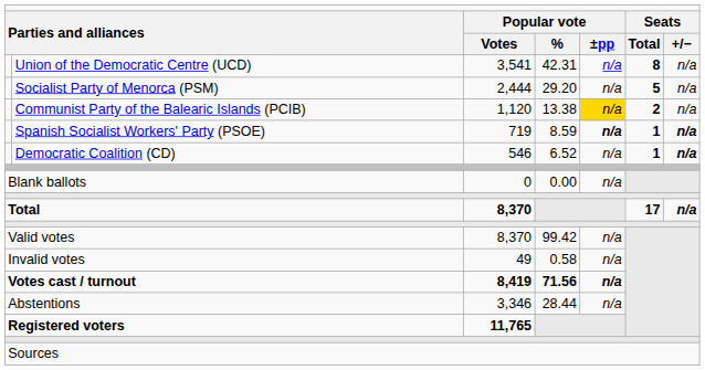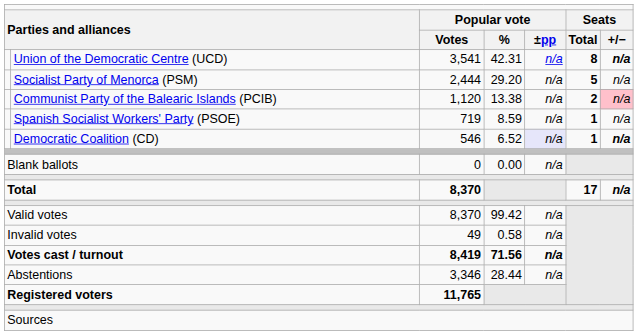 <table class="wikitable" style="text-align:right;">
 <tr>
 <td colspan="7"></td>
 </tr>
 <tr>
 <th style="text-align:left;" rowspan="2" colspan="2" width="525">Parties and alliances</th>
 <th colspan="3">Popular vote</th>
 <th colspan="2">Seats</th>
 </tr>
 <tr>
 <th width="75">Votes</th>
 <th width="45">%</th>
 <th width="45">±<a href='#'>pp</a></th>
 <th width="35">Total</th>
 <th width="35">+/−</th>
 </tr>
 <tr>
 <td width="1" style="color:inherit;background:"></td>
 <td align="left"><a href='#'>Union of the Democratic Centre</a> (UCD)</td>
 <td>3,541</td>
 <td>42.31</td>
 <td><em><a href='#'>n/a</a></em></td>
 <td><strong>8</strong></td>
-<td><em>n/a</em></td>
+<td><strong><em>n/a</em></strong></td>
 </tr>
 <tr>
 <td style="color:inherit;background:"></td>
 <td align="left"><a href='#'>Socialist Party of Menorca</a> (PSM)</td>
 <td>2,444</td>
 <td>29.20</td>
 <td><em>n/a</em></td>
 <td><strong>5</strong></td>
 <td><em>n/a</em></td>
 </tr>
 <tr>
 <td style="color:inherit;background:"></td>
 <td align="left"><a href='#'>Communist Party of the Balearic Islands</a> (PCIB)</td>
 <td>1,120</td>
 <td>13.38</td>
-<td style="background: gold;"><em>n/a</em></td>
+<td><em>n/a</em></td>
 <td><strong>2</strong></td>
-<td><em>n/a</em></td>
+<td style="background: pink;"><em>n/a</em></td>
 </tr>
 <tr>
 <td style="color:inherit;background:"></td>
 <td align="left"><a href='#'>Spanish Socialist Workers' Party</a> (PSOE)</td>
 <td>719</td>
 <td>8.59</td>
-<td><strong><em>n/a</em></strong></td>
+<td><em>n/a</em></td>
 <td><strong>1</strong></td>
-<td><strong><em>n/a</em></strong></td>
+<td><em>n/a</em></td>
 </tr>
 <tr>
 <td style="color:inherit;background:"></td>
 <td align="left"><a href='#'>Democratic Coalition</a> (CD)</td>
 <td>546</td>
 <td>6.52</td>
-<td><em>n/a</em></td>
+<td style="background: lavender;"><em>n/a</em></td>
 <td><strong>1</strong></td>
 <td><strong><em>n/a</em></strong></td>
 </tr>
 <tr>
 <td colspan="7" bgcolor="#C0C0C0"></td>
 </tr>
 <tr>
 <td align="left" colspan="2">Blank ballots</td>
 <td>0</td>
 <td>0.00</td>
 <td><em>n/a</em></td>
 <td bgcolor="#E9E9E9" colspan="2"></td>
 </tr>
 <tr>
 <td colspan="7" bgcolor="#E9E9E9"></td>
 </tr>
 <tr style="font-weight:bold;">
 <td align="left" colspan="2">Total</td>
 <td>8,370</td>
 <td bgcolor="#E9E9E9" colspan="2"></td>
 <td>17</td>
 <td><em>n/a</em></td>
 </tr>
 <tr>
 <td colspan="7" bgcolor="#E9E9E9"></td>
 </tr>
 <tr>
 <td align="left" colspan="2">Valid votes</td>
 <td>8,370</td>
 <td>99.42</td>
 <td><em>n/a</em></td>
 <td bgcolor="#E9E9E9" colspan="2" rowspan="5"></td>
 </tr>
 <tr>
 <td align="left" colspan="2">Invalid votes</td>
 <td>49</td>
 <td>0.58</td>
 <td><em>n/a</em></td>
 </tr>
 <tr style="font-weight:bold;">
 <td align="left" colspan="2">Votes cast / turnout</td>
 <td>8,419</td>
 <td>71.56</td>
 <td><em>n/a</em></td>
 </tr>
 <tr>
 <td align="left" colspan="2">Abstentions</td>
 <td>3,346</td>
 <td>28.44</td>
 <td><em>n/a</em></td>
 </tr>
 <tr style="font-weight:bold;">
 <td align="left" colspan="2">Registered voters</td>
 <td>11,765</td>
 <td bgcolor="#E9E9E9" colspan="2"></td>
 </tr>
 <tr>
 <td colspan="7" bgcolor="#E9E9E9"></td>
 </tr>
 <tr>
 <td align="left" colspan="7">Sources</td>
 </tr>
 </table>
